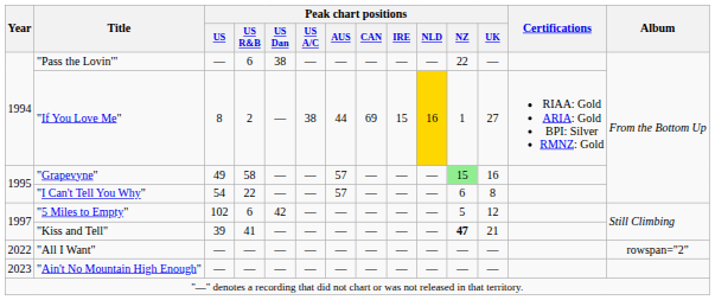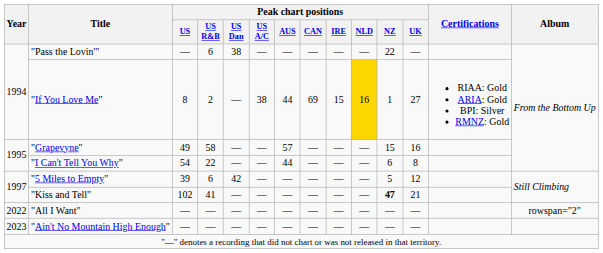 <table class="wikitable" style="text-align:center;">
 <tr>
 <th rowspan="2">Year</th>
 <th rowspan="2">Title</th>
 <th colspan="10">Peak chart positions</th>
 <th rowspan="2"><a href='#'>Certifications</a></th>
 <th rowspan="2">Album</th>
 </tr>
 <tr style="font-size:smaller;">
 <th width="35"><a href='#'>US</a><br></th>
 <th width="35"><a href='#'>US<br>R&B</a><br></th>
 <th width="35"><a href='#'>US<br>Dan</a><br></th>
 <th width="35"><a href='#'>US<br>A/C</a><br></th>
 <th width="35"><a href='#'>AUS</a><br></th>
 <th width="35"><a href='#'>CAN</a><br></th>
 <th width="35"><a href='#'>IRE</a><br></th>
 <th width="35"><a href='#'>NLD</a><br></th>
 <th width="35"><a href='#'>NZ</a><br></th>
 <th width="35"><a href='#'>UK</a><br></th>
 </tr>
 <tr>
 <td rowspan="2">1994</td>
 <td align="left">"Pass the Lovin'"</td>
 <td>—</td>
 <td>6</td>
 <td>38</td>
 <td>—</td>
 <td>—</td>
 <td>—</td>
 <td>—</td>
 <td>—</td>
 <td>22</td>
 <td>—</td>
 <td></td>
 <td align="left" rowspan="4"><em>From the Bottom Up</em></td>
 </tr>
 <tr>
 <td align="left">"<a href='#'>If You Love Me</a>"</td>
 <td>8</td>
 <td>2</td>
 <td>—</td>
 <td>38</td>
 <td>44</td>
 <td>69</td>
 <td>15</td>
 <td style="background: gold;">16</td>
 <td>1</td>
 <td>27</td>
 <td><br><ul><li>RIAA: Gold</li><li><a href='#'>ARIA</a>: Gold</li><li>BPI: Silver</li><li><a href='#'>RMNZ</a>: Gold</li></ul></td>
 </tr>
 <tr>
 <td rowspan="2">1995</td>
 <td align="left">"<a href='#'>Grapevyne</a>"</td>
 <td>49</td>
 <td>58</td>
 <td>—</td>
 <td>—</td>
 <td>57</td>
 <td>—</td>
 <td>—</td>
 <td>—</td>
-<td style="background: lightgreen;">15</td>
+<td>15</td>
 <td>16</td>
 <td></td>
 </tr>
 <tr>
 <td align="left">"<a href='#'>I Can't Tell You Why</a>"</td>
 <td>54</td>
 <td>22</td>
 <td>—</td>
 <td>—</td>
-<td>57</td>
+<td>44</td>
 <td>—</td>
 <td>—</td>
 <td>—</td>
 <td>6</td>
 <td>8</td>
 <td></td>
 </tr>
 <tr>
 <td rowspan="2">1997</td>
 <td align="left">"<a href='#'>5 Miles to Empty</a>"</td>
-<td>102</td>
+<td>39</td>
 <td>6</td>
 <td>42</td>
 <td>—</td>
 <td>—</td>
 <td>—</td>
 <td>—</td>
 <td>—</td>
 <td>5</td>
 <td>12</td>
 <td></td>
 <td align="left" rowspan="2"><em>Still Climbing</em></td>
 </tr>
 <tr>
 <td align="left">"Kiss and Tell"</td>
-<td>39</td>
+<td>102</td>
 <td>41</td>
 <td>—</td>
 <td>—</td>
 <td>—</td>
 <td>—</td>
 <td>—</td>
 <td>—</td>
 <td><strong>47</strong></td>
 <td>21</td>
 <td></td>
 </tr>
 <tr>
 <td>2022</td>
 <td align="left">"All I Want"</td>
 <td>—</td>
 <td>—</td>
 <td>—</td>
 <td>—</td>
 <td>—</td>
 <td>—</td>
 <td>—</td>
 <td>—</td>
 <td>—</td>
 <td>—</td>
 <td></td>
 <td>rowspan="2" </td>
 </tr>
 <tr>
 <td>2023</td>
 <td align="left">"<a href='#'>Ain't No Mountain High Enough</a>"</td>
 <td>—</td>
 <td>—</td>
 <td>—</td>
 <td>—</td>
 <td>—</td>
 <td>—</td>
 <td>—</td>
 <td>—</td>
 <td>—</td>
 <td>—</td>
 <td></td>
 </tr>
 <tr>
 <td colspan="15" style="font-size:90%">"—" denotes a recording that did not chart or was not released in that territory.</td>
 </tr>
 </table>
